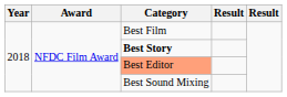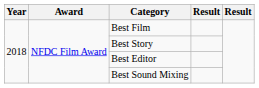 <table class="wikitable">
 <tr>
 <th>Year</th>
 <th>Award</th>
 <th><strong>Category</strong></th>
 <th>Result</th>
 <th>Result</th>
 </tr>
 <tr>
 <td rowspan="4">2018</td>
 <td rowspan="4"><a href='#'>NFDC Film Award</a></td>
 <td>Best Film</td>
 <td></td>
 <td rowspan="4"></td>
 </tr>
 <tr>
-<td><strong>Best Story</strong></td>
+<td>Best Story</td>
 <td></td>
 </tr>
 <tr>
-<td style="background: lightsalmon;">Best Editor</td>
+<td>Best Editor</td>
 <td></td>
 </tr>
 <tr>
 <td>Best Sound Mixing</td>
 <td></td>
 </tr>
 </table>
